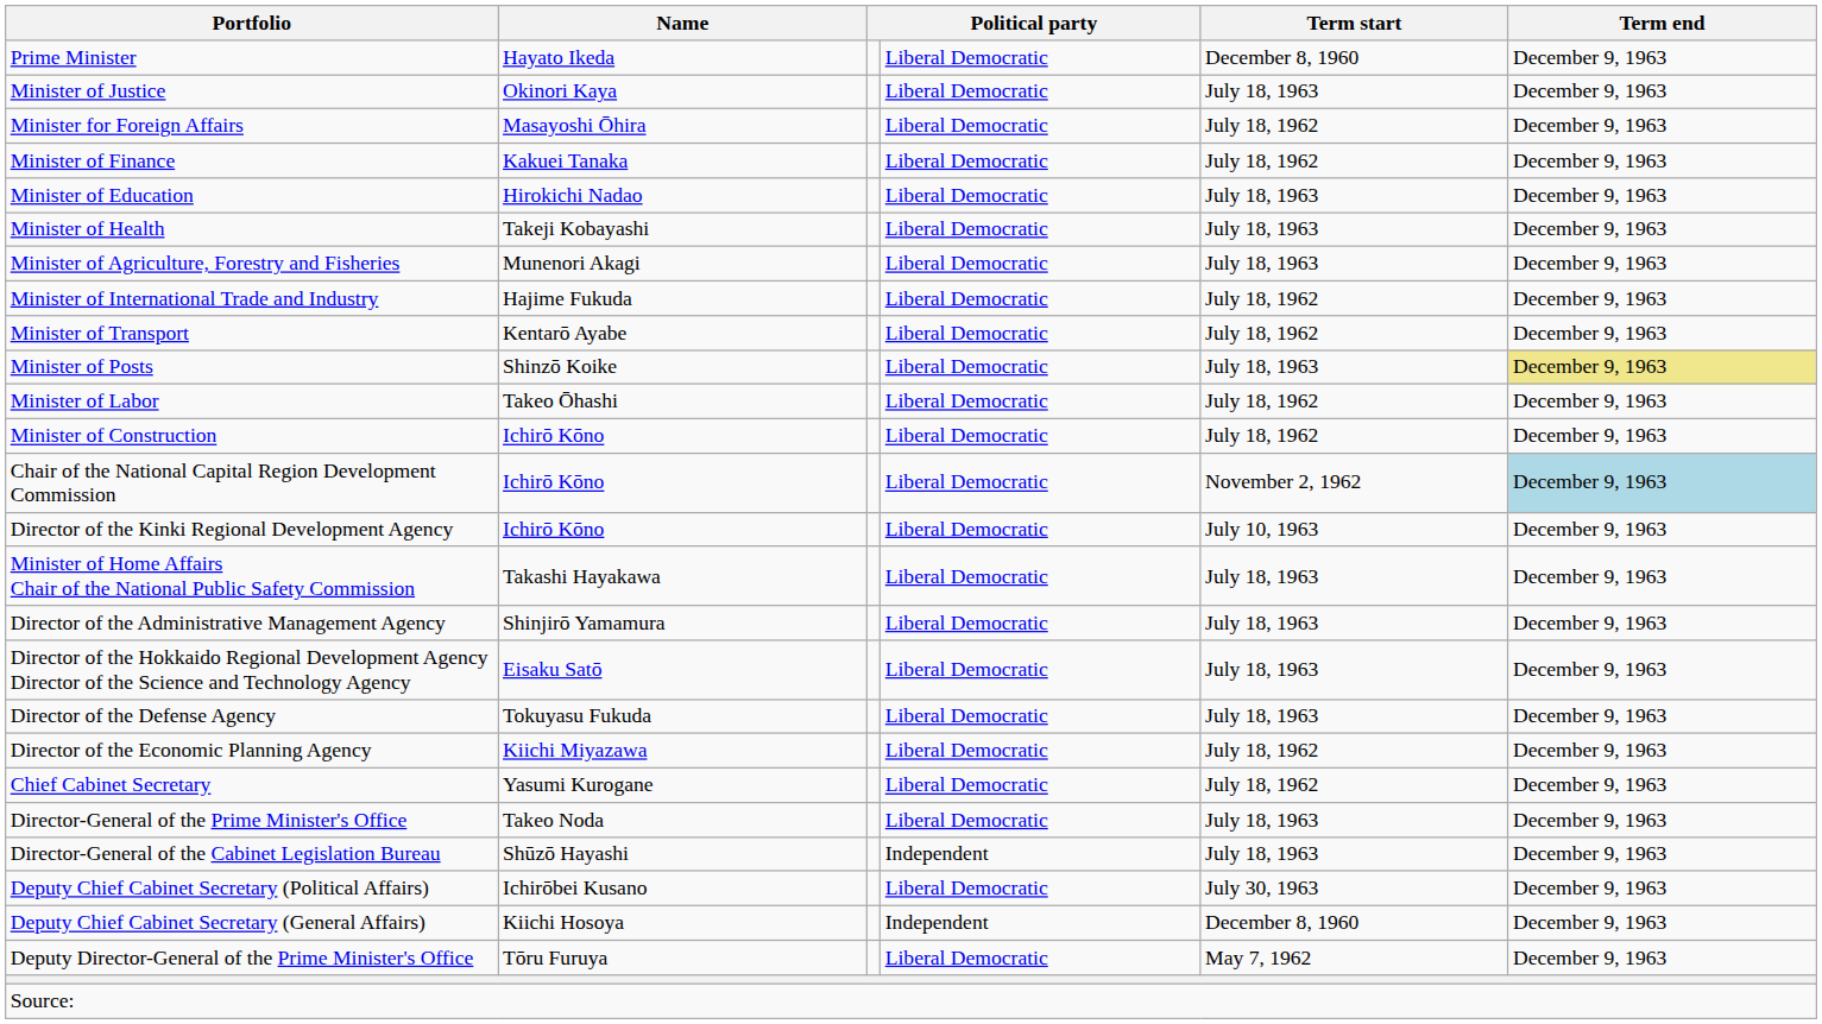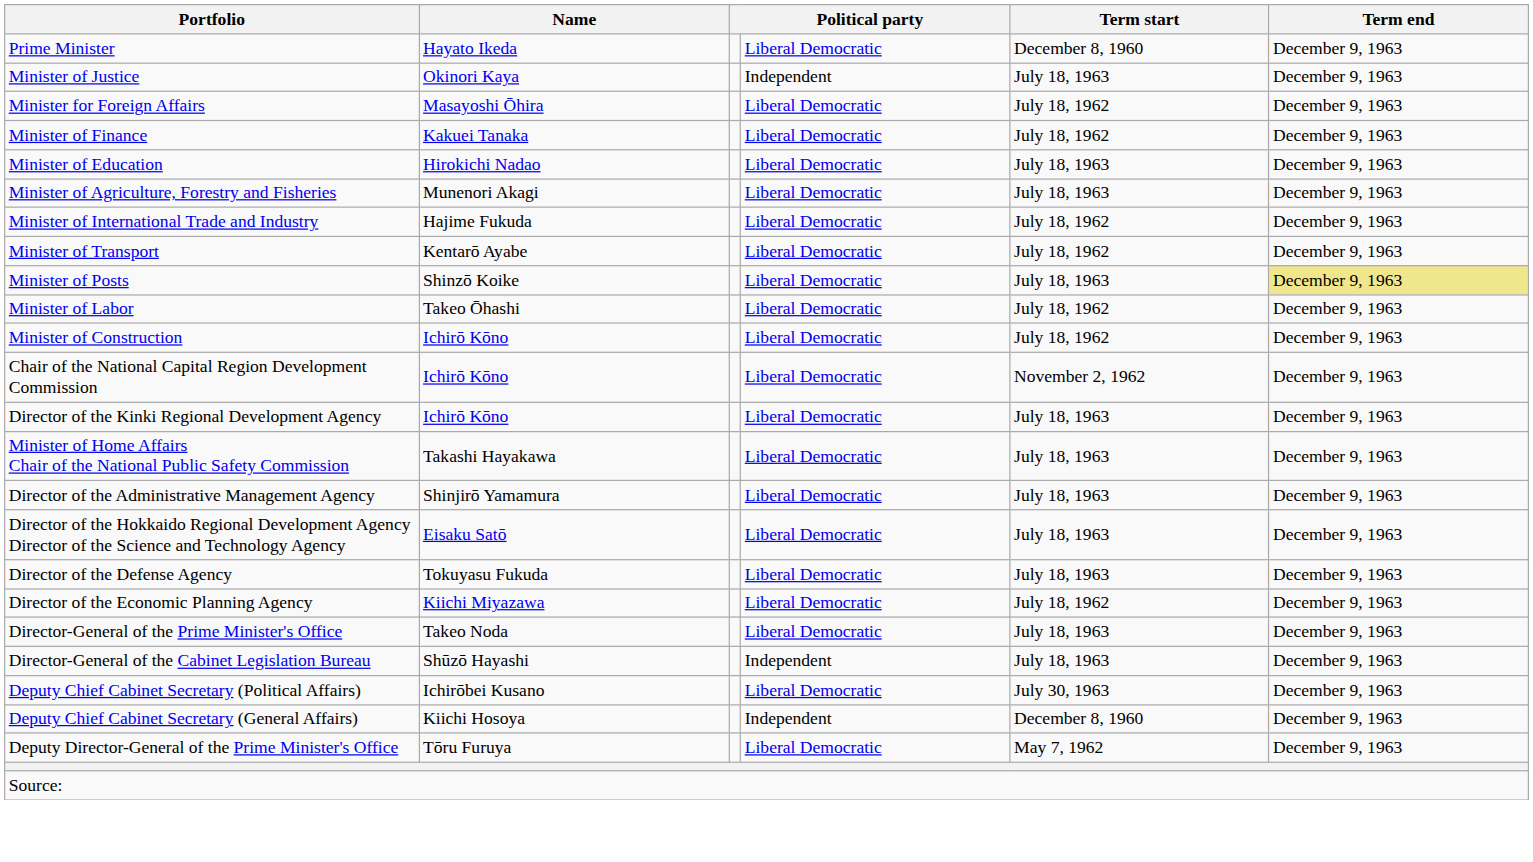 <table class="wikitable unsortable" style="font-size: 90%;">
 <tr>
 <th scope="col" width="20%">Portfolio</th>
 <th scope="col" width="15%">Name</th>
 <th colspan="2" scope="col" width="13.5%">Political party</th>
 <th scope="col" width="12.5%">Term start</th>
 <th scope="col" width="12.5%">Term end</th>
 </tr>
 <tr>
 <td style="text-align: left;"><a href='#'>Prime Minister</a></td>
 <td><a href='#'>Hayato Ikeda</a></td>
 <td width="0.5%" style="background:"></td>
 <td><a href='#'>Liberal Democratic</a></td>
 <td>December 8, 1960</td>
 <td>December 9, 1963</td>
 </tr>
 <tr>
 <td><a href='#'>Minister of Justice</a></td>
 <td><a href='#'>Okinori Kaya</a></td>
 <td style="color:inherit;background:"></td>
-<td><a href='#'>Liberal Democratic</a></td>
+<td>Independent</td>
 <td>July 18, 1963</td>
 <td>December 9, 1963</td>
 </tr>
 <tr>
 <td><a href='#'>Minister for Foreign Affairs</a></td>
 <td><a href='#'>Masayoshi Ōhira</a></td>
 <td style="color:inherit;background:"></td>
 <td><a href='#'>Liberal Democratic</a></td>
 <td>July 18, 1962</td>
 <td>December 9, 1963</td>
 </tr>
 <tr>
 <td><a href='#'>Minister of Finance</a></td>
 <td><a href='#'>Kakuei Tanaka</a></td>
 <td style="color:inherit;background:"></td>
 <td><a href='#'>Liberal Democratic</a></td>
 <td>July 18, 1962</td>
 <td>December 9, 1963</td>
 </tr>
 <tr>
 <td><a href='#'>Minister of Education</a></td>
 <td><a href='#'>Hirokichi Nadao</a></td>
-<td style="color:inherit;background:"></td>
-<td><a href='#'>Liberal Democratic</a></td>
-<td>July 18, 1963</td>
-<td>December 9, 1963</td>
-</tr>
-<tr>
-<td><a href='#'>Minister of Health</a></td>
-<td>Takeji Kobayashi</td>
 <td style="color:inherit;background:"></td>
 <td><a href='#'>Liberal Democratic</a></td>
 <td>July 18, 1963</td>
 <td>December 9, 1963</td>
 </tr>
 <tr>
 <td><a href='#'>Minister of Agriculture, Forestry and Fisheries</a></td>
 <td>Munenori Akagi</td>
 <td style="color:inherit;background:"></td>
 <td><a href='#'>Liberal Democratic</a></td>
 <td>July 18, 1963</td>
 <td>December 9, 1963</td>
 </tr>
 <tr>
 <td><a href='#'>Minister of International Trade and Industry</a></td>
 <td>Hajime Fukuda</td>
 <td style="color:inherit;background:"></td>
 <td><a href='#'>Liberal Democratic</a></td>
 <td>July 18, 1962</td>
 <td>December 9, 1963</td>
 </tr>
 <tr>
 <td><a href='#'>Minister of Transport</a></td>
 <td>Kentarō Ayabe</td>
 <td style="color:inherit;background:"></td>
 <td><a href='#'>Liberal Democratic</a></td>
 <td>July 18, 1962</td>
 <td>December 9, 1963</td>
 </tr>
 <tr>
 <td><a href='#'>Minister of Posts</a></td>
 <td>Shinzō Koike</td>
 <td style="color:inherit;background:"></td>
 <td><a href='#'>Liberal Democratic</a></td>
 <td>July 18, 1963</td>
 <td style="background: khaki;">December 9, 1963</td>
 </tr>
 <tr>
 <td><a href='#'>Minister of Labor</a></td>
 <td>Takeo Ōhashi</td>
 <td style="color:inherit;background:"></td>
 <td><a href='#'>Liberal Democratic</a></td>
 <td>July 18, 1962</td>
 <td>December 9, 1963</td>
 </tr>
 <tr>
 <td><a href='#'>Minister of Construction</a></td>
 <td><a href='#'>Ichirō Kōno</a></td>
 <td style="color:inherit;background:"></td>
 <td><a href='#'>Liberal Democratic</a></td>
 <td>July 18, 1962</td>
 <td>December 9, 1963</td>
 </tr>
 <tr>
 <td>Chair of the National Capital Region Development Commission</td>
 <td><a href='#'>Ichirō Kōno</a></td>
 <td style="color:inherit;background:"></td>
 <td><a href='#'>Liberal Democratic</a></td>
 <td>November 2, 1962</td>
-<td style="background: lightblue;">December 9, 1963</td>
+<td>December 9, 1963</td>
 </tr>
 <tr>
 <td>Director of the Kinki Regional Development Agency</td>
 <td><a href='#'>Ichirō Kōno</a></td>
 <td style="color:inherit;background:"></td>
 <td><a href='#'>Liberal Democratic</a></td>
-<td>July 10, 1963</td>
+<td>July 18, 1963</td>
 <td>December 9, 1963</td>
 </tr>
 <tr>
 <td><a href='#'>Minister of Home Affairs</a><br><a href='#'>Chair of the National Public Safety Commission</a></td>
 <td>Takashi Hayakawa</td>
 <td style="color:inherit;background:"></td>
 <td><a href='#'>Liberal Democratic</a></td>
 <td>July 18, 1963</td>
 <td>December 9, 1963</td>
 </tr>
 <tr>
 <td>Director of the Administrative Management Agency</td>
 <td>Shinjirō Yamamura</td>
 <td style="color:inherit;background:"></td>
 <td><a href='#'>Liberal Democratic</a></td>
 <td>July 18, 1963</td>
 <td>December 9, 1963</td>
 </tr>
 <tr>
 <td>Director of the Hokkaido Regional Development Agency<br>Director of the Science and Technology Agency</td>
 <td><a href='#'>Eisaku Satō</a></td>
 <td style="color:inherit;background:"></td>
 <td><a href='#'>Liberal Democratic</a></td>
 <td>July 18, 1963</td>
 <td>December 9, 1963</td>
 </tr>
 <tr>
 <td>Director of the Defense Agency</td>
 <td>Tokuyasu Fukuda</td>
 <td style="color:inherit;background:"></td>
 <td><a href='#'>Liberal Democratic</a></td>
 <td>July 18, 1963</td>
 <td>December 9, 1963</td>
 </tr>
 <tr>
 <td>Director of the Economic Planning Agency</td>
 <td><a href='#'>Kiichi Miyazawa</a></td>
-<td style="color:inherit;background:"></td>
-<td><a href='#'>Liberal Democratic</a></td>
-<td>July 18, 1962</td>
-<td>December 9, 1963</td>
-</tr>
-<tr>
-<td><a href='#'>Chief Cabinet Secretary</a></td>
-<td>Yasumi Kurogane</td>
 <td style="color:inherit;background:"></td>
 <td><a href='#'>Liberal Democratic</a></td>
 <td>July 18, 1962</td>
 <td>December 9, 1963</td>
 </tr>
 <tr>
 <td>Director-General of the <a href='#'>Prime Minister's Office</a></td>
 <td>Takeo Noda</td>
 <td style="color:inherit;background:"></td>
 <td><a href='#'>Liberal Democratic</a></td>
 <td>July 18, 1963</td>
 <td>December 9, 1963</td>
 </tr>
 <tr>
 <td>Director-General of the <a href='#'>Cabinet Legislation Bureau</a></td>
 <td>Shūzō Hayashi</td>
 <td style="color:inherit;background:"></td>
 <td>Independent</td>
 <td>July 18, 1963</td>
 <td>December 9, 1963</td>
 </tr>
 <tr>
 <td><a href='#'>Deputy Chief Cabinet Secretary</a> (Political Affairs)</td>
 <td>Ichirōbei Kusano</td>
 <td style="color:inherit;background:"></td>
 <td><a href='#'>Liberal Democratic</a></td>
 <td>July 30, 1963</td>
 <td>December 9, 1963</td>
 </tr>
 <tr>
 <td><a href='#'>Deputy Chief Cabinet Secretary</a> (General Affairs)</td>
 <td>Kiichi Hosoya</td>
 <td style="color:inherit;background:"></td>
 <td>Independent</td>
 <td>December 8, 1960</td>
 <td>December 9, 1963</td>
 </tr>
 <tr>
 <td>Deputy Director-General of the <a href='#'>Prime Minister's Office</a></td>
 <td>Tōru Furuya</td>
 <td style="color:inherit;background:"></td>
 <td><a href='#'>Liberal Democratic</a></td>
 <td>May 7, 1962</td>
 <td>December 9, 1963</td>
 </tr>
 <tr>
 <th colspan="6"></th>
 </tr>
 <tr>
 <td colspan="6">Source:</td>
 </tr>
 </table>
